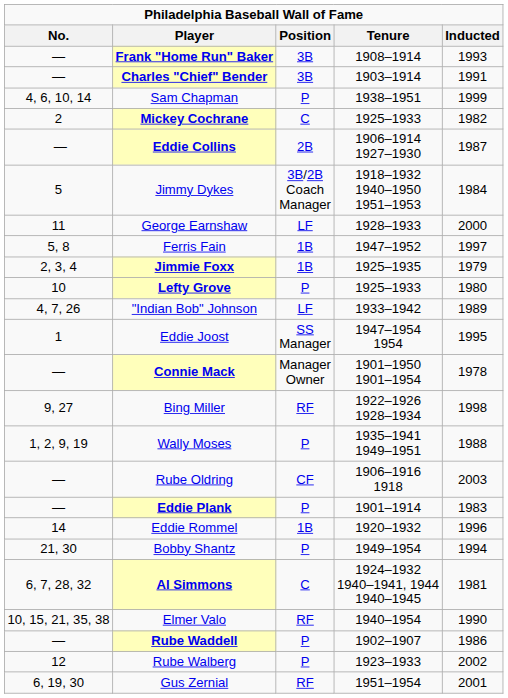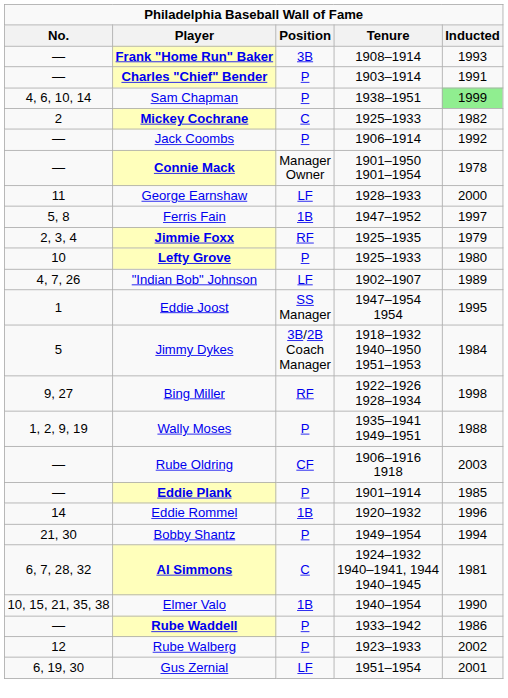 <table class="wikitable" style="text-align:center">
 <tr>
 <td colspan="5"><strong>Philadelphia Baseball Wall of Fame</strong></td>
 </tr>
 <tr>
 <th>No.</th>
 <th>Player</th>
 <th>Position</th>
 <th>Tenure</th>
 <th>Inducted</th>
 </tr>
 <tr>
 <td>—</td>
 <td style="background:#ffb;"><strong><a href='#'>Frank "Home Run" Baker</a></strong></td>
 <td><a href='#'>3B</a></td>
 <td>1908–1914</td>
 <td>1993</td>
 </tr>
 <tr>
 <td>—</td>
 <td style="background:#ffb;"><strong><a href='#'>Charles "Chief" Bender</a></strong></td>
-<td><a href='#'>3B</a></td>
+<td><a href='#'>P</a></td>
 <td>1903–1914</td>
 <td>1991</td>
 </tr>
 <tr>
 <td>4, 6, 10, 14</td>
 <td><a href='#'>Sam Chapman</a></td>
 <td><a href='#'>P</a></td>
 <td>1938–1951</td>
-<td>1999</td>
+<td style="background: lightgreen;">1999</td>
 </tr>
 <tr>
 <td>2</td>
 <td style="background:#ffb;"><strong><a href='#'>Mickey Cochrane</a></strong></td>
 <td><a href='#'>C</a></td>
 <td>1925–1933</td>
 <td>1982</td>
 </tr>
 <tr>
-<td> —</td>
-<td style="background:#ffb;"><strong><a href='#'>Eddie Collins</a></strong></td>
-<td><a href='#'>2B</a></td>
-<td>1906–1914<br>1927–1930</td>
-<td>1987</td>
+<td>—</td>
+<td><a href='#'>Jack Coombs</a></td>
+<td><a href='#'>P</a></td>
+<td>1906–1914</td>
+<td>1992</td>
 </tr>
 <tr>
-<td>5</td>
-<td><a href='#'>Jimmy Dykes</a></td>
-<td><a href='#'>3B</a>/<a href='#'>2B</a><br>Coach<br>Manager</td>
-<td>1918–1932<br>1940–1950<br>1951–1953</td>
-<td>1984</td>
+<td>—</td>
+<td style="background:#ffb;"><strong><a href='#'>Connie Mack</a></strong></td>
+<td>Manager<br>Owner</td>
+<td>1901–1950<br>1901–1954</td>
+<td>1978</td>
 </tr>
 <tr>
 <td>11</td>
 <td><a href='#'>George Earnshaw</a></td>
 <td><a href='#'>LF</a></td>
 <td>1928–1933</td>
 <td>2000</td>
 </tr>
 <tr>
 <td>5, 8</td>
 <td><a href='#'>Ferris Fain</a></td>
 <td><a href='#'>1B</a></td>
 <td>1947–1952</td>
 <td>1997</td>
 </tr>
 <tr>
 <td>2, 3, 4</td>
 <td style="background:#ffb;"><strong><a href='#'>Jimmie Foxx</a></strong></td>
-<td><a href='#'>1B</a></td>
+<td><a href='#'>RF</a></td>
 <td>1925–1935</td>
 <td>1979</td>
 </tr>
 <tr>
 <td>10</td>
 <td style="background:#ffb;"><strong><a href='#'>Lefty Grove</a></strong></td>
 <td><a href='#'>P</a></td>
 <td>1925–1933</td>
 <td>1980</td>
 </tr>
 <tr>
 <td>4, 7, 26</td>
 <td><a href='#'>"Indian Bob" Johnson</a></td>
 <td><a href='#'>LF</a></td>
-<td>1933–1942</td>
+<td>1902–1907</td>
 <td>1989</td>
 </tr>
 <tr>
 <td>1</td>
 <td><a href='#'>Eddie Joost</a></td>
 <td><a href='#'>SS</a><br>Manager</td>
 <td>1947–1954<br>1954</td>
 <td>1995</td>
 </tr>
 <tr>
-<td>—</td>
-<td style="background:#ffb;"><strong><a href='#'>Connie Mack</a></strong></td>
-<td>Manager<br>Owner</td>
-<td>1901–1950<br>1901–1954</td>
-<td>1978</td>
+<td>5</td>
+<td><a href='#'>Jimmy Dykes</a></td>
+<td><a href='#'>3B</a>/<a href='#'>2B</a><br>Coach<br>Manager</td>
+<td>1918–1932<br>1940–1950<br>1951–1953</td>
+<td>1984</td>
 </tr>
 <tr>
 <td>9, 27</td>
 <td><a href='#'>Bing Miller</a></td>
 <td><a href='#'>RF</a></td>
 <td>1922–1926<br>1928–1934</td>
 <td>1998</td>
 </tr>
 <tr>
 <td>1, 2, 9, 19</td>
 <td><a href='#'>Wally Moses</a></td>
 <td><a href='#'>P</a></td>
 <td>1935–1941<br>1949–1951</td>
 <td>1988</td>
 </tr>
 <tr>
 <td>—</td>
 <td><a href='#'>Rube Oldring</a></td>
 <td><a href='#'>CF</a></td>
 <td>1906–1916<br>1918</td>
 <td>2003</td>
 </tr>
 <tr>
 <td>—</td>
 <td style="background:#ffb;"><strong><a href='#'>Eddie Plank</a></strong></td>
 <td><a href='#'>P</a></td>
 <td>1901–1914</td>
-<td>1983</td>
+<td>1985</td>
 </tr>
 <tr>
 <td>14</td>
 <td><a href='#'>Eddie Rommel</a></td>
 <td><a href='#'>1B</a></td>
 <td>1920–1932</td>
 <td>1996</td>
 </tr>
 <tr>
 <td>21, 30</td>
 <td><a href='#'>Bobby Shantz</a></td>
 <td><a href='#'>P</a></td>
 <td>1949–1954</td>
 <td>1994</td>
 </tr>
 <tr>
 <td>6, 7, 28, 32</td>
 <td style="background:#ffb;"><strong><a href='#'>Al Simmons</a></strong></td>
 <td><a href='#'>C</a></td>
 <td>1924–1932<br>1940–1941, 1944<br>1940–1945</td>
 <td>1981</td>
 </tr>
 <tr>
 <td>10, 15, 21, 35, 38</td>
 <td><a href='#'>Elmer Valo</a></td>
-<td><a href='#'>RF</a></td>
+<td><a href='#'>1B</a></td>
 <td>1940–1954</td>
 <td>1990</td>
 </tr>
 <tr>
 <td>—</td>
 <td style="background:#ffb;"><strong><a href='#'>Rube Waddell</a></strong></td>
 <td><a href='#'>P</a></td>
-<td>1902–1907</td>
+<td>1933–1942</td>
 <td>1986</td>
 </tr>
 <tr>
 <td>12</td>
 <td><a href='#'>Rube Walberg</a></td>
 <td><a href='#'>P</a></td>
 <td>1923–1933</td>
 <td>2002</td>
 </tr>
 <tr>
 <td>6, 19, 30</td>
 <td><a href='#'>Gus Zernial</a></td>
-<td><a href='#'>RF</a></td>
+<td><a href='#'>LF</a></td>
 <td>1951–1954</td>
 <td>2001</td>
 </tr>
 </table>
